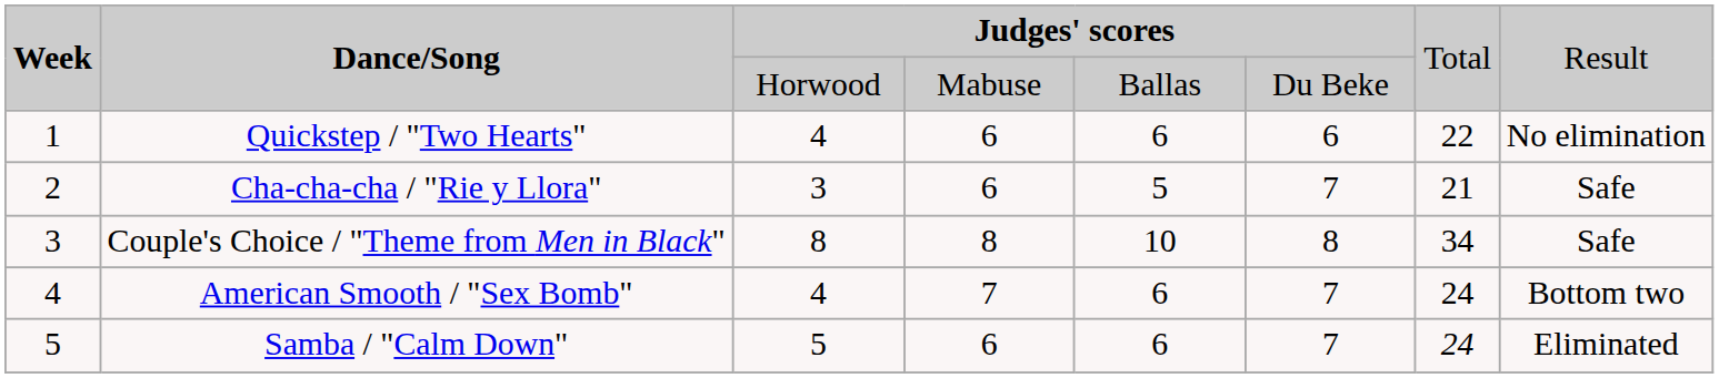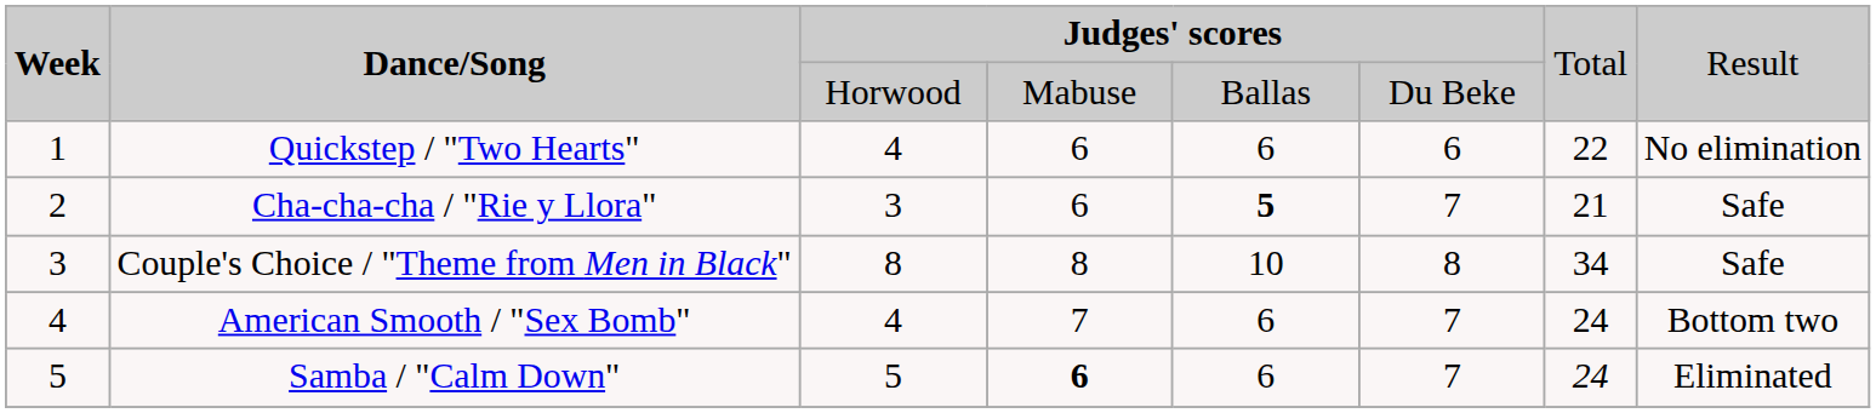 <table | class="wikitable collapsible collapsed">
 <tr style="text-align: center; background:#ccc;">
 <td rowspan="2"><strong>Week </strong></td>
 <td rowspan="2"><strong>Dance/Song</strong></td>
 <td colspan="4"><strong>Judges' scores</strong></td>
 <td rowspan="2">Total</td>
 <td rowspan="2">Result</td>
 </tr>
 <tr style="text-align: center; background:#ccc;">
 <td style="width:10%; ">Horwood</td>
 <td style="width:10%; ">Mabuse</td>
 <td style="width:10%; ">Ballas</td>
 <td style="width:10%; ">Du Beke</td>
 </tr>
 <tr style="text-align: center; background:#faf6f6;">
 <td>1</td>
 <td><a href='#'>Quickstep</a> / "<a href='#'>Two Hearts</a>"</td>
 <td>4</td>
 <td>6</td>
 <td>6</td>
 <td>6</td>
 <td>22</td>
 <td>No elimination</td>
 </tr>
 <tr style="text-align: center; background:#faf6f6;">
 <td>2</td>
 <td><a href='#'>Cha-cha-cha</a> / "<a href='#'>Rie y Llora</a>"</td>
 <td>3</td>
 <td>6</td>
-<td>5</td>
+<td><strong>5</strong></td>
 <td>7</td>
 <td>21</td>
 <td>Safe</td>
 </tr>
 <tr style="text-align: center; background:#faf6f6;">
 <td>3</td>
 <td>Couple's Choice / "<a href='#'>Theme from <em>Men in Black</em></a>"</td>
 <td>8</td>
 <td>8</td>
 <td>10</td>
 <td>8</td>
 <td>34</td>
 <td>Safe</td>
 </tr>
 <tr style="text-align: center; background:#faf6f6;">
 <td>4</td>
 <td><a href='#'>American Smooth</a> / "<a href='#'>Sex Bomb</a>"</td>
 <td>4</td>
 <td>7</td>
 <td>6</td>
 <td>7</td>
 <td>24</td>
 <td>Bottom two</td>
 </tr>
 <tr style="text-align: center; background:#faf6f6;">
 <td>5</td>
 <td><a href='#'>Samba</a> / "<a href='#'>Calm Down</a>"</td>
 <td>5</td>
-<td>6</td>
+<td><strong>6</strong></td>
 <td>6</td>
 <td>7</td>
 <td><span><em>24</em></span></td>
 <td>Eliminated</td>
 </tr>
 </table>
